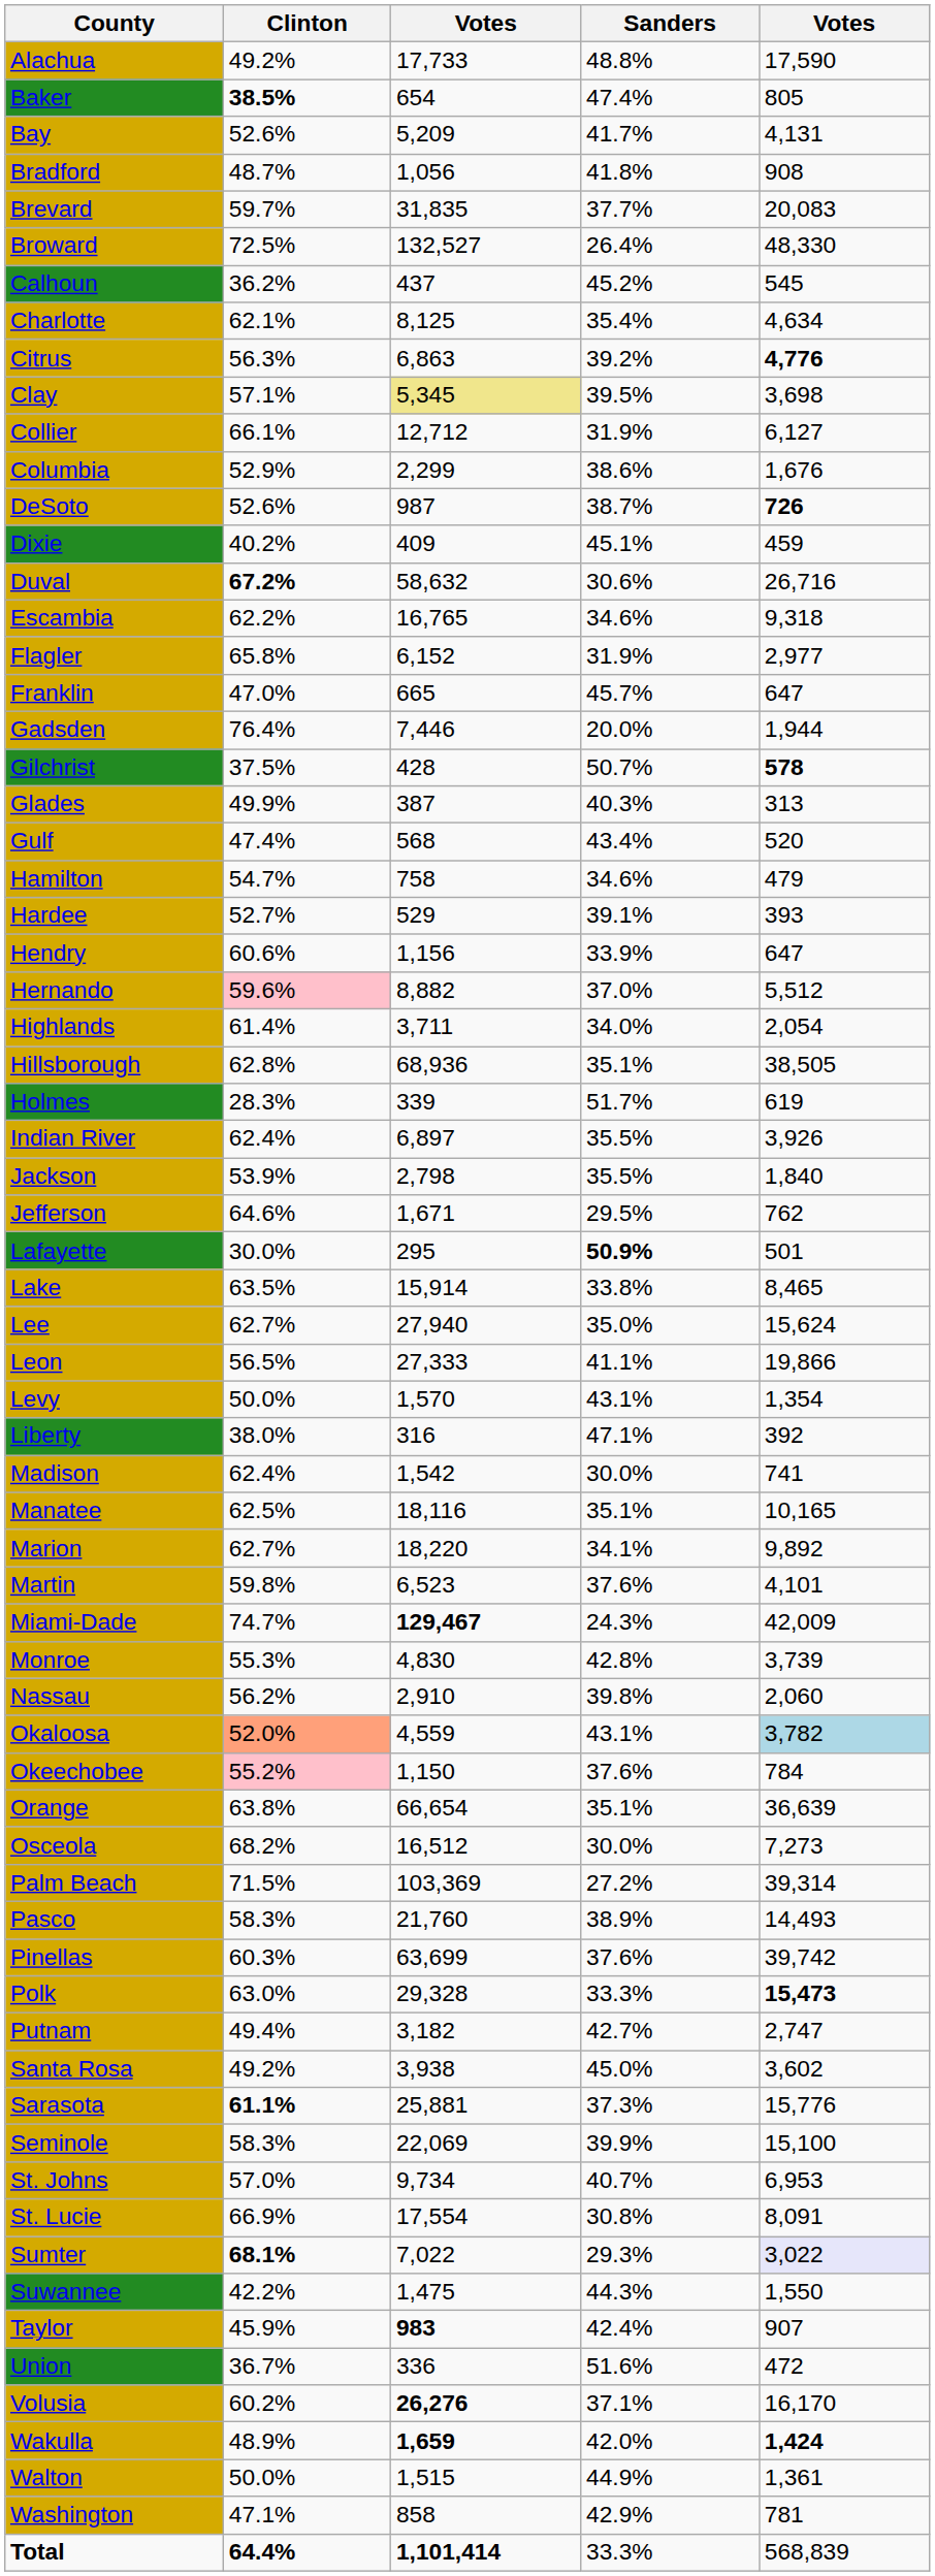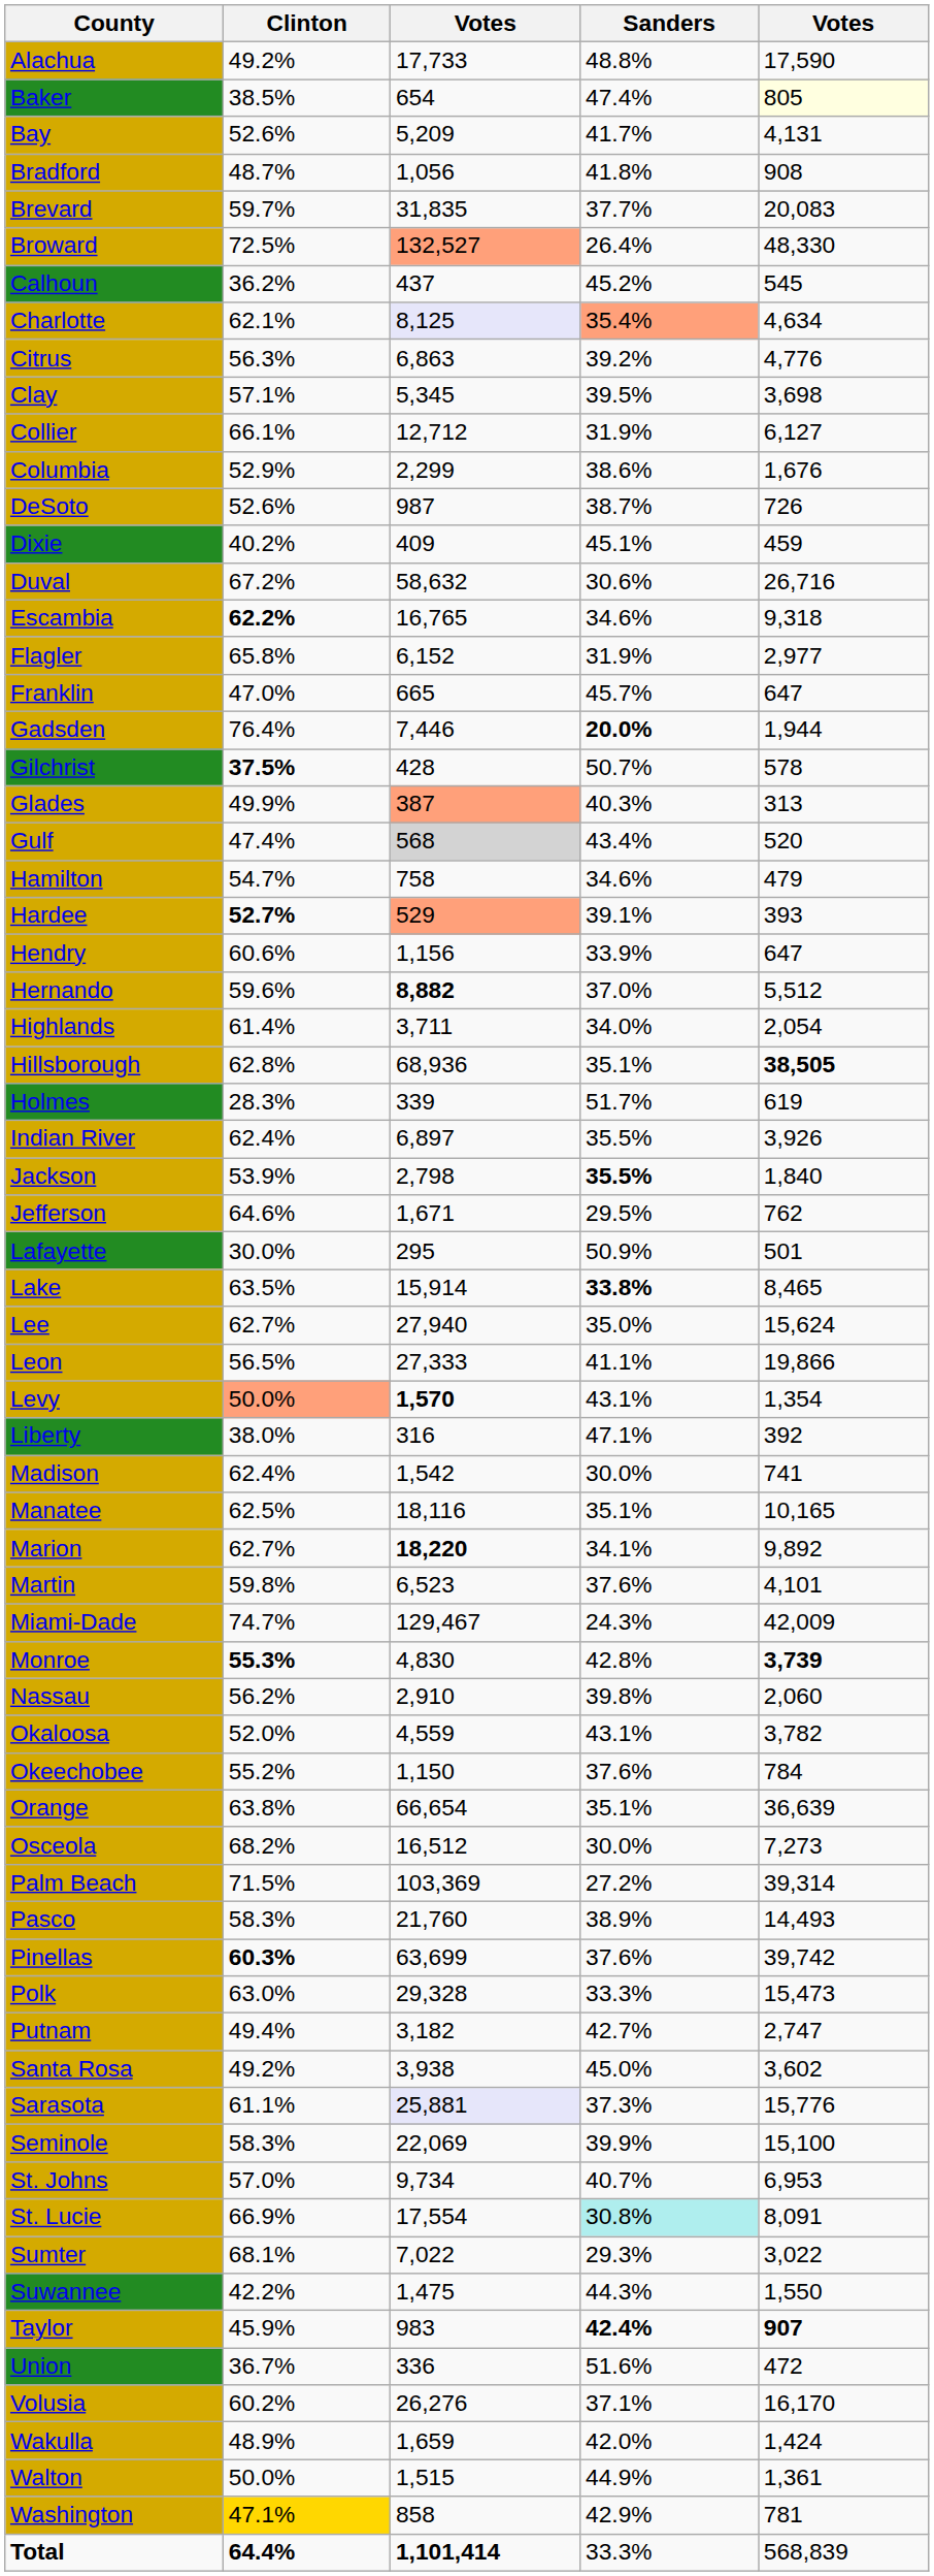 <table width="50%" class="wikitable sortable">
 <tr>
 <th width="10%">County</th>
 <th width="10%">Clinton</th>
 <th width="10%">Votes</th>
 <th width="10%">Sanders</th>
 <th width="10%">Votes</th>
 </tr>
 <tr>
 <td style="background:#D4AA00;"><a href='#'>Alachua</a></td>
 <td>49.2%</td>
 <td>17,733</td>
 <td>48.8%</td>
 <td>17,590</td>
 </tr>
 <tr>
 <td style="background:#228B22;"><a href='#'>Baker</a></td>
-<td><strong>38.5%</strong></td>
+<td>38.5%</td>
 <td>654</td>
 <td>47.4%</td>
-<td>805</td>
+<td style="background: lightyellow;">805</td>
 </tr>
 <tr>
 <td style="background:#D4AA00;"><a href='#'>Bay</a></td>
 <td>52.6%</td>
 <td>5,209</td>
 <td>41.7%</td>
 <td>4,131</td>
 </tr>
 <tr>
 <td style="background:#D4AA00;"><a href='#'>Bradford</a></td>
 <td>48.7%</td>
 <td>1,056</td>
 <td>41.8%</td>
 <td>908</td>
 </tr>
 <tr>
 <td style="background:#D4AA00;"><a href='#'>Brevard</a></td>
 <td>59.7%</td>
 <td>31,835</td>
 <td>37.7%</td>
 <td>20,083</td>
 </tr>
 <tr>
 <td style="background:#D4AA00;"><a href='#'>Broward</a></td>
 <td>72.5%</td>
-<td>132,527</td>
+<td style="background: lightsalmon;">132,527</td>
 <td>26.4%</td>
 <td>48,330</td>
 </tr>
 <tr>
 <td style="background:#228B22;"><a href='#'>Calhoun</a></td>
 <td>36.2%</td>
 <td>437</td>
 <td>45.2%</td>
 <td>545</td>
 </tr>
 <tr>
 <td style="background:#D4AA00;"><a href='#'>Charlotte</a></td>
 <td>62.1%</td>
-<td>8,125</td>
-<td>35.4%</td>
+<td style="background: lavender;">8,125</td>
+<td style="background: lightsalmon;">35.4%</td>
 <td>4,634</td>
 </tr>
 <tr>
 <td style="background:#D4AA00;"><a href='#'>Citrus</a></td>
 <td>56.3%</td>
 <td>6,863</td>
 <td>39.2%</td>
-<td><strong>4,776</strong></td>
+<td>4,776</td>
 </tr>
 <tr>
 <td style="background:#D4AA00;"><a href='#'>Clay</a></td>
 <td>57.1%</td>
-<td style="background: khaki;">5,345</td>
+<td>5,345</td>
 <td>39.5%</td>
 <td>3,698</td>
 </tr>
 <tr>
 <td style="background:#D4AA00;"><a href='#'>Collier</a></td>
 <td>66.1%</td>
 <td>12,712</td>
 <td>31.9%</td>
 <td>6,127</td>
 </tr>
 <tr>
 <td style="background:#D4AA00;"><a href='#'>Columbia</a></td>
 <td>52.9%</td>
 <td>2,299</td>
 <td>38.6%</td>
 <td>1,676</td>
 </tr>
 <tr>
 <td style="background:#D4AA00;"><a href='#'>DeSoto</a></td>
 <td>52.6%</td>
 <td>987</td>
 <td>38.7%</td>
-<td><strong>726</strong></td>
+<td>726</td>
 </tr>
 <tr>
 <td style="background:#228B22;"><a href='#'>Dixie</a></td>
 <td>40.2%</td>
 <td>409</td>
 <td>45.1%</td>
 <td>459</td>
 </tr>
 <tr>
 <td style="background:#D4AA00;"><a href='#'>Duval</a></td>
-<td><strong>67.2%</strong></td>
+<td>67.2%</td>
 <td>58,632</td>
 <td>30.6%</td>
 <td>26,716</td>
 </tr>
 <tr>
 <td style="background:#D4AA00;"><a href='#'>Escambia</a></td>
-<td>62.2%</td>
+<td><strong>62.2%</strong></td>
 <td>16,765</td>
 <td>34.6%</td>
 <td>9,318</td>
 </tr>
 <tr>
 <td style="background:#D4AA00;"><a href='#'>Flagler</a></td>
 <td>65.8%</td>
 <td>6,152</td>
 <td>31.9%</td>
 <td>2,977</td>
 </tr>
 <tr>
 <td style="background:#D4AA00;"><a href='#'>Franklin</a></td>
 <td>47.0%</td>
 <td>665</td>
 <td>45.7%</td>
 <td>647</td>
 </tr>
 <tr>
 <td style="background:#D4AA00;"><a href='#'>Gadsden</a></td>
 <td>76.4%</td>
 <td>7,446</td>
-<td>20.0%</td>
+<td><strong>20.0%</strong></td>
 <td>1,944</td>
 </tr>
 <tr>
 <td style="background:#228B22;"><a href='#'>Gilchrist</a></td>
-<td>37.5%</td>
+<td><strong>37.5%</strong></td>
 <td>428</td>
 <td>50.7%</td>
-<td><strong>578</strong></td>
+<td>578</td>
 </tr>
 <tr>
 <td style="background:#D4AA00;"><a href='#'>Glades</a></td>
 <td>49.9%</td>
-<td>387</td>
+<td style="background: lightsalmon;">387</td>
 <td>40.3%</td>
 <td>313</td>
 </tr>
 <tr>
 <td style="background:#D4AA00;"><a href='#'>Gulf</a></td>
 <td>47.4%</td>
-<td>568</td>
+<td style="background: lightgrey;">568</td>
 <td>43.4%</td>
 <td>520</td>
 </tr>
 <tr>
 <td style="background:#D4AA00;"><a href='#'>Hamilton</a></td>
 <td>54.7%</td>
 <td>758</td>
 <td>34.6%</td>
 <td>479</td>
 </tr>
 <tr>
 <td style="background:#D4AA00;"><a href='#'>Hardee</a></td>
-<td>52.7%</td>
-<td>529</td>
+<td><strong>52.7%</strong></td>
+<td style="background: lightsalmon;">529</td>
 <td>39.1%</td>
 <td>393</td>
 </tr>
 <tr>
 <td style="background:#D4AA00;"><a href='#'>Hendry</a></td>
 <td>60.6%</td>
 <td>1,156</td>
 <td>33.9%</td>
 <td>647</td>
 </tr>
 <tr>
 <td style="background:#D4AA00;"><a href='#'>Hernando</a></td>
-<td style="background: pink;">59.6%</td>
-<td>8,882</td>
+<td>59.6%</td>
+<td><strong>8,882</strong></td>
 <td>37.0%</td>
 <td>5,512</td>
 </tr>
 <tr>
 <td style="background:#D4AA00;"><a href='#'>Highlands</a></td>
 <td>61.4%</td>
 <td>3,711</td>
 <td>34.0%</td>
 <td>2,054</td>
 </tr>
 <tr>
 <td style="background:#D4AA00;"><a href='#'>Hillsborough</a></td>
 <td>62.8%</td>
 <td>68,936</td>
 <td>35.1%</td>
-<td>38,505</td>
+<td><strong>38,505</strong></td>
 </tr>
 <tr>
 <td style="background:#228B22;"><a href='#'>Holmes</a></td>
 <td>28.3%</td>
 <td>339</td>
 <td>51.7%</td>
 <td>619</td>
 </tr>
 <tr>
 <td style="background:#D4AA00;"><a href='#'>Indian River</a></td>
 <td>62.4%</td>
 <td>6,897</td>
 <td>35.5%</td>
 <td>3,926</td>
 </tr>
 <tr>
 <td style="background:#D4AA00;"><a href='#'>Jackson</a></td>
 <td>53.9%</td>
 <td>2,798</td>
-<td>35.5%</td>
+<td><strong>35.5%</strong></td>
 <td>1,840</td>
 </tr>
 <tr>
 <td style="background:#D4AA00;"><a href='#'>Jefferson</a></td>
 <td>64.6%</td>
 <td>1,671</td>
 <td>29.5%</td>
 <td>762</td>
 </tr>
 <tr>
 <td style="background:#228B22;"><a href='#'>Lafayette</a></td>
 <td>30.0%</td>
 <td>295</td>
-<td><strong>50.9%</strong></td>
+<td>50.9%</td>
 <td>501</td>
 </tr>
 <tr>
 <td style="background:#D4AA00;"><a href='#'>Lake</a></td>
 <td>63.5%</td>
 <td>15,914</td>
-<td>33.8%</td>
+<td><strong>33.8%</strong></td>
 <td>8,465</td>
 </tr>
 <tr>
 <td style="background:#D4AA00;"><a href='#'>Lee</a></td>
 <td>62.7%</td>
 <td>27,940</td>
 <td>35.0%</td>
 <td>15,624</td>
 </tr>
 <tr>
 <td style="background:#D4AA00;"><a href='#'>Leon</a></td>
 <td>56.5%</td>
 <td>27,333</td>
 <td>41.1%</td>
 <td>19,866</td>
 </tr>
 <tr>
 <td style="background:#D4AA00;"><a href='#'>Levy</a></td>
-<td>50.0%</td>
-<td>1,570</td>
+<td style="background: lightsalmon;">50.0%</td>
+<td><strong>1,570</strong></td>
 <td>43.1%</td>
 <td>1,354</td>
 </tr>
 <tr>
 <td style="background:#228B22;"><a href='#'>Liberty</a></td>
 <td>38.0%</td>
 <td>316</td>
 <td>47.1%</td>
 <td>392</td>
 </tr>
 <tr>
 <td style="background:#D4AA00;"><a href='#'>Madison</a></td>
 <td>62.4%</td>
 <td>1,542</td>
 <td>30.0%</td>
 <td>741</td>
 </tr>
 <tr>
 <td style="background:#D4AA00;"><a href='#'>Manatee</a></td>
 <td>62.5%</td>
 <td>18,116</td>
 <td>35.1%</td>
 <td>10,165</td>
 </tr>
 <tr>
 <td style="background:#D4AA00;"><a href='#'>Marion</a></td>
 <td>62.7%</td>
-<td>18,220</td>
+<td><strong>18,220</strong></td>
 <td>34.1%</td>
 <td>9,892</td>
 </tr>
 <tr>
 <td style="background:#D4AA00;"><a href='#'>Martin</a></td>
 <td>59.8%</td>
 <td>6,523</td>
 <td>37.6%</td>
 <td>4,101</td>
 </tr>
 <tr>
 <td style="background:#D4AA00;"><a href='#'>Miami-Dade</a></td>
 <td>74.7%</td>
-<td><strong>129,467</strong></td>
+<td>129,467</td>
 <td>24.3%</td>
 <td>42,009</td>
 </tr>
 <tr>
 <td style="background:#D4AA00;"><a href='#'>Monroe</a></td>
-<td>55.3%</td>
+<td><strong>55.3%</strong></td>
 <td>4,830</td>
 <td>42.8%</td>
-<td>3,739</td>
+<td><strong>3,739</strong></td>
 </tr>
 <tr>
 <td style="background:#D4AA00;"><a href='#'>Nassau</a></td>
 <td>56.2%</td>
 <td>2,910</td>
 <td>39.8%</td>
 <td>2,060</td>
 </tr>
 <tr>
 <td style="background:#D4AA00;"><a href='#'>Okaloosa</a></td>
-<td style="background: lightsalmon;">52.0%</td>
+<td>52.0%</td>
 <td>4,559</td>
 <td>43.1%</td>
-<td style="background: lightblue;">3,782</td>
+<td>3,782</td>
 </tr>
 <tr>
 <td style="background:#D4AA00;"><a href='#'>Okeechobee</a></td>
-<td style="background: pink;">55.2%</td>
+<td>55.2%</td>
 <td>1,150</td>
 <td>37.6%</td>
 <td>784</td>
 </tr>
 <tr>
 <td style="background:#D4AA00;"><a href='#'>Orange</a></td>
 <td>63.8%</td>
 <td>66,654</td>
 <td>35.1%</td>
 <td>36,639</td>
 </tr>
 <tr>
 <td style="background:#D4AA00;"><a href='#'>Osceola</a></td>
 <td>68.2%</td>
 <td>16,512</td>
 <td>30.0%</td>
 <td>7,273</td>
 </tr>
 <tr>
 <td style="background:#D4AA00;"><a href='#'>Palm Beach</a></td>
 <td>71.5%</td>
 <td>103,369</td>
 <td>27.2%</td>
 <td>39,314</td>
 </tr>
 <tr>
 <td style="background:#D4AA00;"><a href='#'>Pasco</a></td>
 <td>58.3%</td>
 <td>21,760</td>
 <td>38.9%</td>
 <td>14,493</td>
 </tr>
 <tr>
 <td style="background:#D4AA00;"><a href='#'>Pinellas</a></td>
-<td>60.3%</td>
+<td><strong>60.3%</strong></td>
 <td>63,699</td>
 <td>37.6%</td>
 <td>39,742</td>
 </tr>
 <tr>
 <td style="background:#D4AA00;"><a href='#'>Polk</a></td>
 <td>63.0%</td>
 <td>29,328</td>
 <td>33.3%</td>
-<td><strong>15,473</strong></td>
+<td>15,473</td>
 </tr>
 <tr>
 <td style="background:#D4AA00;"><a href='#'>Putnam</a></td>
 <td>49.4%</td>
 <td>3,182</td>
 <td>42.7%</td>
 <td>2,747</td>
 </tr>
 <tr>
 <td style="background:#D4AA00;"><a href='#'>Santa Rosa</a></td>
 <td>49.2%</td>
 <td>3,938</td>
 <td>45.0%</td>
 <td>3,602</td>
 </tr>
 <tr>
 <td style="background:#D4AA00;"><a href='#'>Sarasota</a></td>
-<td><strong>61.1%</strong></td>
-<td>25,881</td>
+<td>61.1%</td>
+<td style="background: lavender;">25,881</td>
 <td>37.3%</td>
 <td>15,776</td>
 </tr>
 <tr>
 <td style="background:#D4AA00;"><a href='#'>Seminole</a></td>
 <td>58.3%</td>
 <td>22,069</td>
 <td>39.9%</td>
 <td>15,100</td>
 </tr>
 <tr>
 <td style="background:#D4AA00;"><a href='#'>St. Johns</a></td>
 <td>57.0%</td>
 <td>9,734</td>
 <td>40.7%</td>
 <td>6,953</td>
 </tr>
 <tr>
 <td style="background:#D4AA00;"><a href='#'>St. Lucie</a></td>
 <td>66.9%</td>
 <td>17,554</td>
-<td>30.8%</td>
+<td style="background: paleturquoise;">30.8%</td>
 <td>8,091</td>
 </tr>
 <tr>
 <td style="background:#D4AA00;"><a href='#'>Sumter</a></td>
-<td><strong>68.1%</strong></td>
+<td>68.1%</td>
 <td>7,022</td>
 <td>29.3%</td>
-<td style="background: lavender;">3,022</td>
+<td>3,022</td>
 </tr>
 <tr>
 <td style="background:#228B22;"><a href='#'>Suwannee</a></td>
 <td>42.2%</td>
 <td>1,475</td>
 <td>44.3%</td>
 <td>1,550</td>
 </tr>
 <tr>
 <td style="background:#D4AA00;"><a href='#'>Taylor</a></td>
 <td>45.9%</td>
-<td><strong>983</strong></td>
-<td>42.4%</td>
-<td>907</td>
+<td>983</td>
+<td><strong>42.4%</strong></td>
+<td><strong>907</strong></td>
 </tr>
 <tr>
 <td style="background:#228B22;"><a href='#'>Union</a></td>
 <td>36.7%</td>
 <td>336</td>
 <td>51.6%</td>
 <td>472</td>
 </tr>
 <tr>
 <td style="background:#D4AA00;"><a href='#'>Volusia</a></td>
 <td>60.2%</td>
-<td><strong>26,276</strong></td>
+<td>26,276</td>
 <td>37.1%</td>
 <td>16,170</td>
 </tr>
 <tr>
 <td style="background:#D4AA00;"><a href='#'>Wakulla</a></td>
 <td>48.9%</td>
-<td><strong>1,659</strong></td>
+<td>1,659</td>
 <td>42.0%</td>
-<td><strong>1,424</strong></td>
+<td>1,424</td>
 </tr>
 <tr>
 <td style="background:#D4AA00;"><a href='#'>Walton</a></td>
 <td>50.0%</td>
 <td>1,515</td>
 <td>44.9%</td>
 <td>1,361</td>
 </tr>
 <tr>
 <td style="background:#D4AA00;"><a href='#'>Washington</a></td>
-<td>47.1%</td>
+<td style="background: gold;">47.1%</td>
 <td>858</td>
 <td>42.9%</td>
 <td>781</td>
 </tr>
 <tr>
 <td><strong>Total</strong></td>
 <td><strong>64.4%</strong></td>
 <td><strong>1,101,414</strong></td>
 <td>33.3%</td>
 <td>568,839</td>
 </tr>
 </table>
